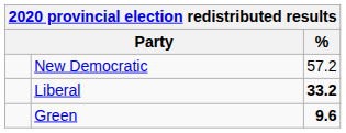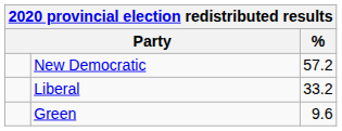 <table class="wikitable">
 <tr>
 <th colspan="4"><a href='#'>2020 provincial election</a> redistributed results</th>
 </tr>
 <tr>
 <th bgcolor="#DDDDFF" width="130px" colspan="2">Party</th>
 <th bgcolor="#DDDDFF" width="30px">%</th>
 </tr>
 <tr>
 <td> </td>
 <td><a href='#'>New Democratic</a></td>
 <td align=right>57.2</td>
 </tr>
 <tr>
 <td> </td>
 <td><a href='#'>Liberal</a></td>
-<td align=right><strong>33.2</strong></td>
+<td align=right>33.2</td>
 </tr>
 <tr>
 <td> </td>
 <td><a href='#'>Green</a></td>
-<td align=right><strong>9.6</strong></td>
+<td align=right>9.6</td>
 </tr>
 </table>
